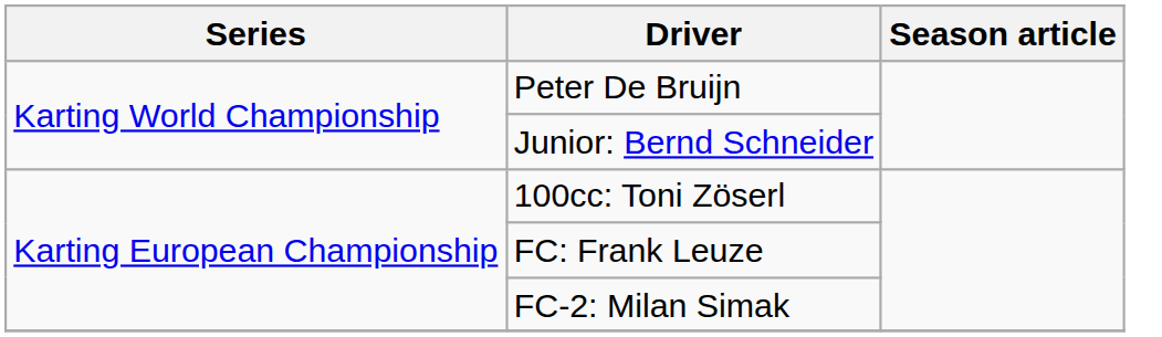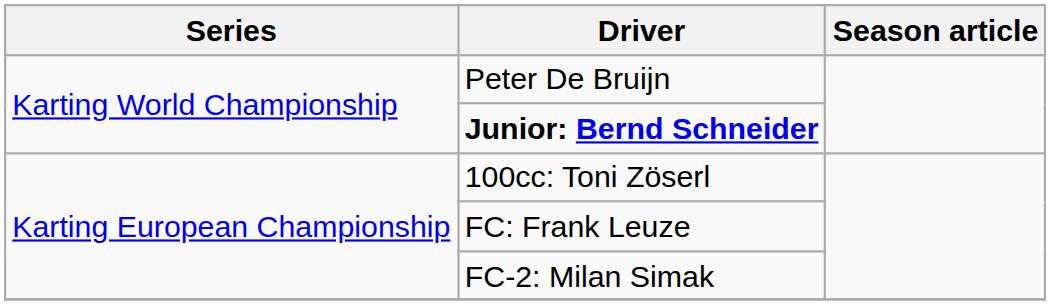 <table class="wikitable" style="font-size: 87%;">
 <tr>
 <th>Series</th>
 <th>Driver</th>
 <th>Season article</th>
 </tr>
 <tr>
 <td rowspan=2><a href='#'>Karting World Championship</a></td>
 <td> Peter De Bruijn</td>
 <td rowspan=2></td>
 </tr>
 <tr>
-<td>Junior:  <a href='#'>Bernd Schneider</a></td>
+<td><strong>Junior:  <a href='#'>Bernd Schneider</a></strong></td>
 </tr>
 <tr>
 <td rowspan=3><a href='#'>Karting European Championship</a></td>
 <td>100cc:  Toni Zöserl</td>
 <td rowspan=3></td>
 </tr>
 <tr>
 <td>FC:  Frank Leuze</td>
 </tr>
 <tr>
 <td>FC-2:  Milan Simak</td>
 </tr>
 <tr>
 </tr>
 </table>
